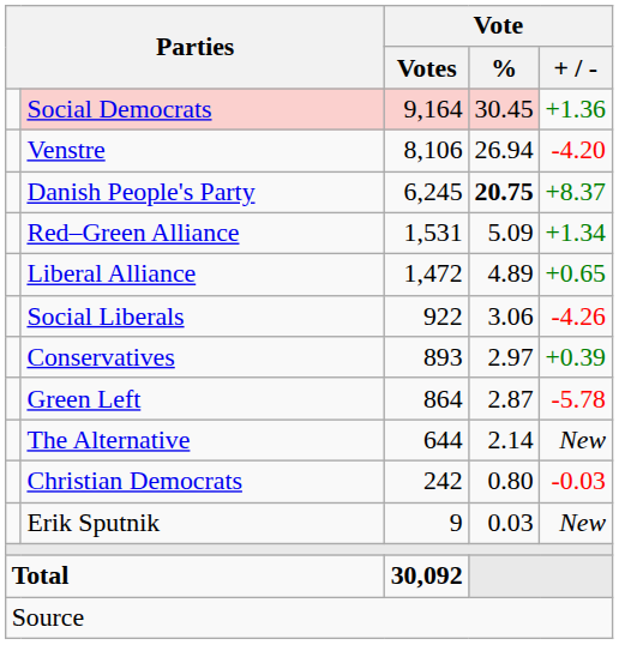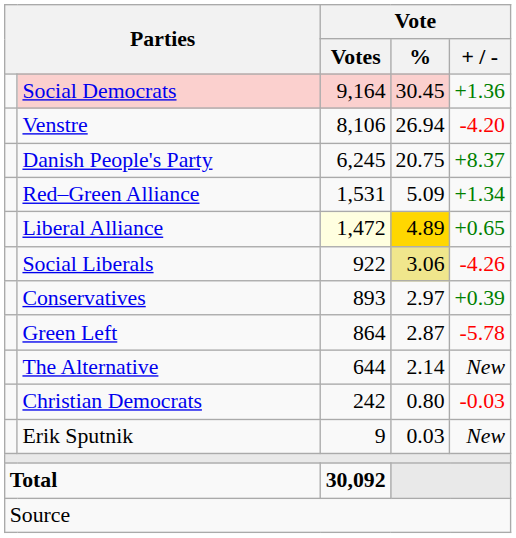 <table class="wikitable" style="text-align:right;">
 <tr>
 <th style="text-align:centre;" rowspan="2" colspan="2" width="225">Parties</th>
 <th colspan="3">Vote</th>
 </tr>
 <tr>
 <th width="15">Votes</th>
 <th width="15">%</th>
 <th width="15">+ / -</th>
 </tr>
 <tr>
 <td width="2" style="color:inherit;background:"></td>
 <td bgcolor=#fbd0ce  align="left"><a href='#'>Social Democrats</a></td>
 <td bgcolor=#fbd0ce>9,164</td>
 <td bgcolor=#fbd0ce>30.45</td>
 <td style=color:green;>+1.36</td>
 </tr>
 <tr>
 <td width="2" style="color:inherit;background:"></td>
 <td align="left"><a href='#'>Venstre</a></td>
 <td>8,106</td>
 <td>26.94</td>
 <td style=color:red;>-4.20</td>
 </tr>
 <tr>
 <td width="2" style="color:inherit;background:"></td>
 <td align="left"><a href='#'>Danish People's Party</a></td>
 <td>6,245</td>
-<td><strong>20.75</strong></td>
+<td>20.75</td>
 <td style=color:green;>+8.37</td>
 </tr>
 <tr>
 <td width="2" style="color:inherit;background:"></td>
 <td align="left"><a href='#'>Red–Green Alliance</a></td>
 <td>1,531</td>
 <td>5.09</td>
 <td style=color:green;>+1.34</td>
 </tr>
 <tr>
 <td width="2" style="color:inherit;background:"></td>
 <td align="left"><a href='#'>Liberal Alliance</a></td>
-<td>1,472</td>
-<td>4.89</td>
+<td style="background: lightyellow;">1,472</td>
+<td style="background: gold;">4.89</td>
 <td style=color:green;>+0.65</td>
 </tr>
 <tr>
 <td width="2" style="color:inherit;background:"></td>
 <td align="left"><a href='#'>Social Liberals</a></td>
 <td>922</td>
-<td>3.06</td>
+<td style="background: khaki;">3.06</td>
 <td style=color:red;>-4.26</td>
 </tr>
 <tr>
 <td width="2" style="color:inherit;background:"></td>
 <td align="left"><a href='#'>Conservatives</a></td>
 <td>893</td>
 <td>2.97</td>
 <td style=color:green;>+0.39</td>
 </tr>
 <tr>
 <td width="2" style="color:inherit;background:"></td>
 <td align="left"><a href='#'>Green Left</a></td>
 <td>864</td>
 <td>2.87</td>
 <td style=color:red;>-5.78</td>
 </tr>
 <tr>
 <td width="2" style="color:inherit;background:"></td>
 <td align="left"><a href='#'>The Alternative</a></td>
 <td>644</td>
 <td>2.14</td>
 <td><em>New</em></td>
 </tr>
 <tr>
 <td width="2" style="color:inherit;background:"></td>
 <td align="left"><a href='#'>Christian Democrats</a></td>
 <td>242</td>
 <td>0.80</td>
 <td style=color:red;>-0.03</td>
 </tr>
 <tr>
 <td width="2" style="color:inherit;background:"></td>
 <td align="left">Erik Sputnik</td>
 <td>9</td>
 <td>0.03</td>
 <td><em>New</em></td>
 </tr>
 <tr>
 <td colspan="7" bgcolor="#E9E9E9"></td>
 </tr>
 <tr>
 <td align="left" colspan="2"><strong>Total</strong></td>
 <td><strong>30,092</strong></td>
 <td bgcolor="#E9E9E9" colspan="2"></td>
 </tr>
 <tr>
 <td align="left" colspan="6">Source</td>
 </tr>
 </table>
